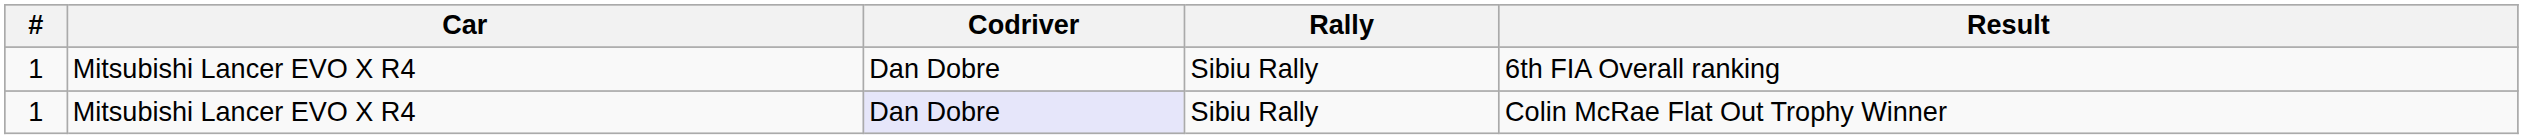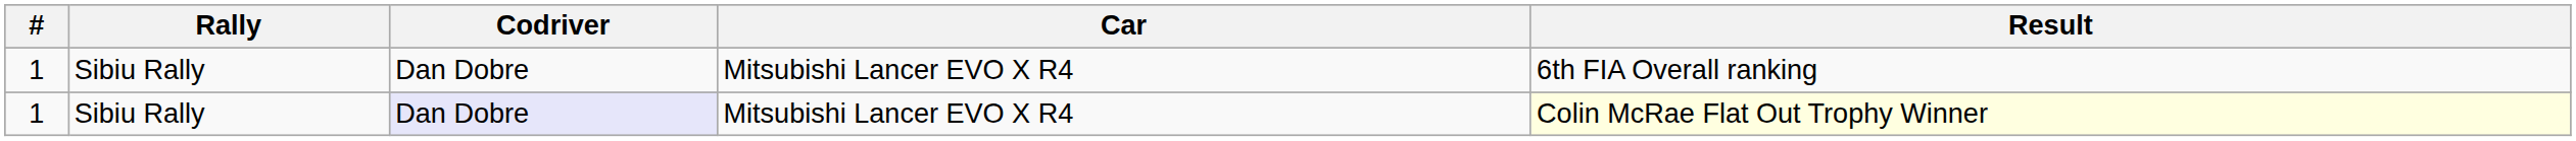 <table class="wikitable" width="75%">
 <tr>
 <th>#</th>
+<th>Rally</th>
+<th>Codriver</th>
 <th>Car</th>
-<th>Codriver</th>
-<th>Rally</th>
 <th>Result</th>
 </tr>
 <tr>
 <td align="center">1</td>
+<td>Sibiu Rally</td>
+<td>Dan Dobre</td>
 <td>Mitsubishi Lancer EVO X R4</td>
-<td>Dan Dobre</td>
-<td>Sibiu Rally</td>
 <td>6th FIA Overall ranking</td>
 </tr>
 <tr>
 <td align="center">1</td>
+<td>Sibiu Rally</td>
+<td style="background: lavender;">Dan Dobre</td>
 <td>Mitsubishi Lancer EVO X R4</td>
-<td style="background: lavender;">Dan Dobre</td>
-<td>Sibiu Rally</td>
-<td>Colin McRae Flat Out Trophy Winner</td>
+<td style="background: lightyellow;">Colin McRae Flat Out Trophy Winner</td>
 </tr>
 </table>
